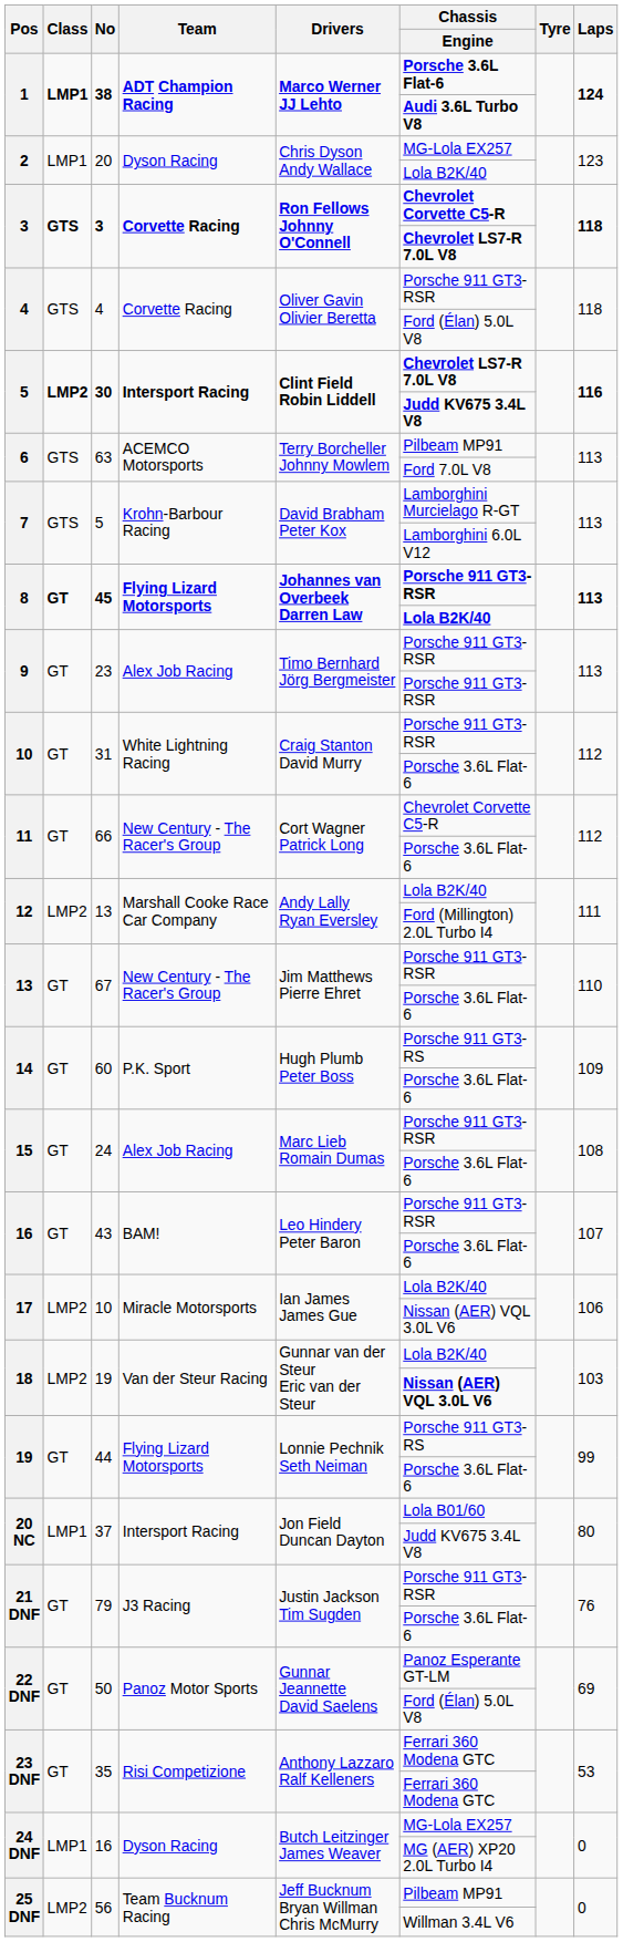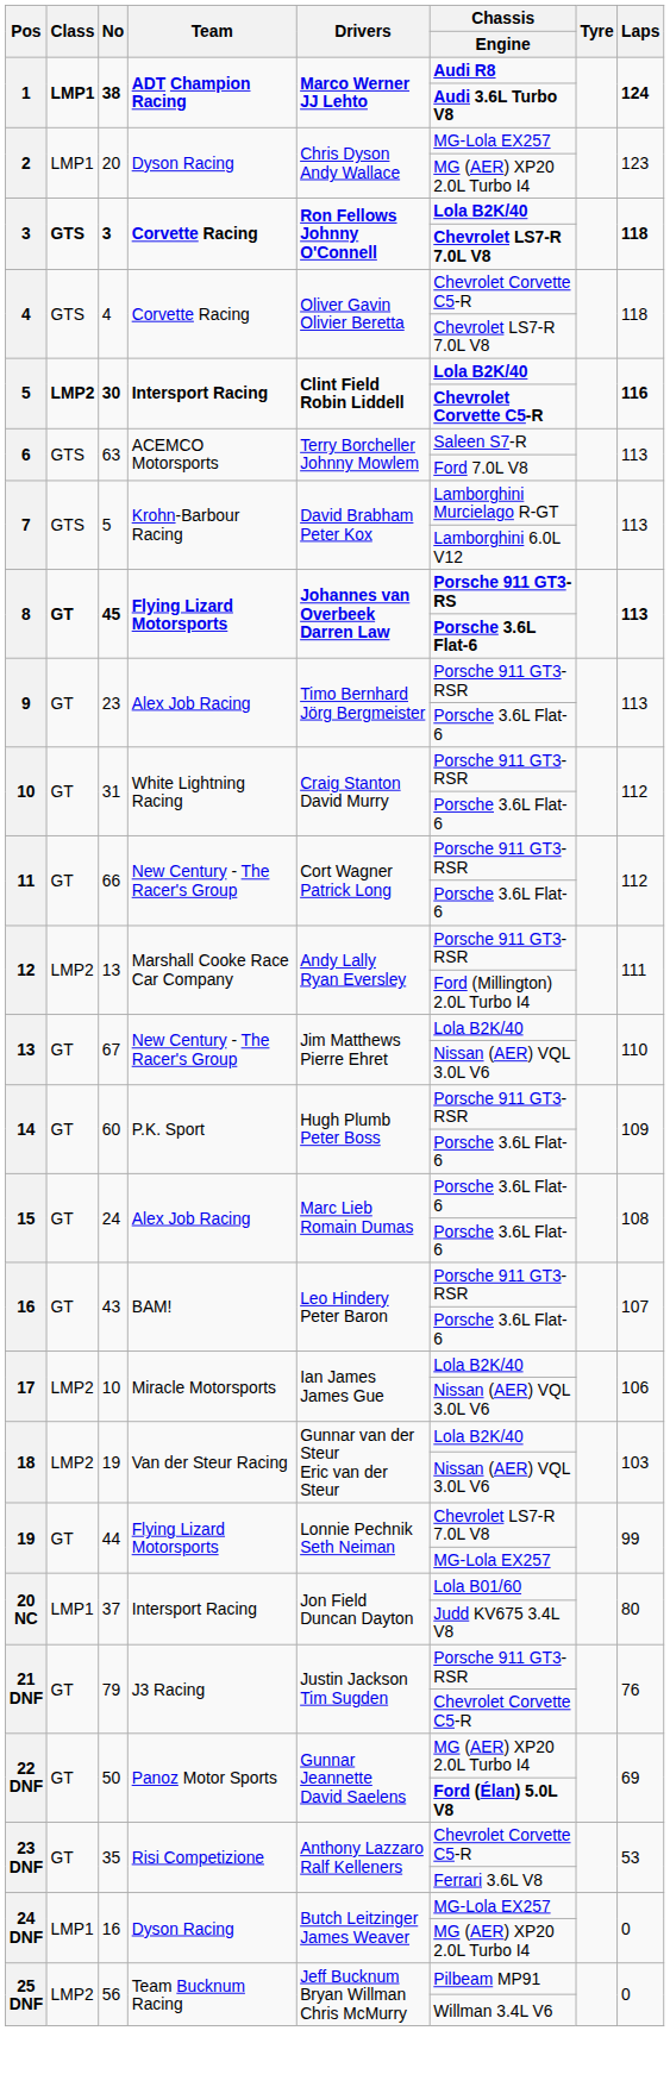 <table class="wikitable" style="font-size: 95%;">
 <tr>
 <th rowspan=2>Pos</th>
 <th rowspan=2>Class</th>
 <th rowspan=2>No</th>
 <th rowspan=2>Team</th>
 <th rowspan=2>Drivers</th>
 <th>Chassis</th>
 <th rowspan=2>Tyre</th>
 <th rowspan=2>Laps</th>
 </tr>
 <tr>
 <th>Engine</th>
 </tr>
 <tr style="font-weight:bold">
 <th rowspan=2>1</th>
 <td rowspan=2>LMP1</td>
 <td rowspan=2>38</td>
 <td rowspan=2> <a href='#'>ADT</a> <a href='#'>Champion Racing</a></td>
 <td rowspan=2> <a href='#'>Marco Werner</a><br> <a href='#'>JJ Lehto</a></td>
-<td><a href='#'>Porsche</a> 3.6L Flat-6</td>
+<td><a href='#'>Audi R8</a></td>
 <td rowspan=2></td>
 <td rowspan=2>124</td>
 </tr>
 <tr style="font-weight:bold">
 <td><a href='#'>Audi</a> 3.6L Turbo V8</td>
 </tr>
 <tr>
 <th rowspan=2>2</th>
 <td rowspan=2>LMP1</td>
 <td rowspan=2>20</td>
 <td rowspan=2> <a href='#'>Dyson Racing</a></td>
 <td rowspan=2> <a href='#'>Chris Dyson</a><br> <a href='#'>Andy Wallace</a></td>
 <td><a href='#'>MG-Lola EX257</a></td>
 <td rowspan=2></td>
 <td rowspan=2>123</td>
 </tr>
 <tr>
-<td><a href='#'>Lola B2K/40</a></td>
+<td><a href='#'>MG</a> (<a href='#'>AER</a>) XP20 2.0L Turbo I4</td>
 </tr>
 <tr style="font-weight:bold">
 <th rowspan=2>3</th>
 <td rowspan=2>GTS</td>
 <td rowspan=2>3</td>
 <td rowspan=2> <a href='#'>Corvette</a> Racing</td>
 <td rowspan=2> <a href='#'>Ron Fellows</a><br> <a href='#'>Johnny O'Connell</a></td>
-<td><a href='#'>Chevrolet Corvette C5</a>-R</td>
+<td><a href='#'>Lola B2K/40</a></td>
 <td rowspan=2></td>
 <td rowspan=2>118</td>
 </tr>
 <tr style="font-weight:bold">
 <td><a href='#'>Chevrolet</a> LS7-R 7.0L V8</td>
 </tr>
 <tr>
 <th rowspan=2>4</th>
 <td rowspan=2>GTS</td>
 <td rowspan=2>4</td>
 <td rowspan=2> <a href='#'>Corvette</a> Racing</td>
 <td rowspan=2> <a href='#'>Oliver Gavin</a><br> <a href='#'>Olivier Beretta</a></td>
-<td><a href='#'>Porsche 911 GT3</a>-RSR</td>
+<td><a href='#'>Chevrolet Corvette C5</a>-R</td>
 <td rowspan=2></td>
 <td rowspan=2>118</td>
 </tr>
 <tr>
-<td><a href='#'>Ford</a> (<a href='#'>Élan</a>) 5.0L V8</td>
+<td><a href='#'>Chevrolet</a> LS7-R 7.0L V8</td>
 </tr>
 <tr style="font-weight:bold">
 <th rowspan=2>5</th>
 <td rowspan=2>LMP2</td>
 <td rowspan=2>30</td>
 <td rowspan=2> Intersport Racing</td>
 <td rowspan=2> Clint Field<br> Robin Liddell</td>
-<td><a href='#'>Chevrolet</a> LS7-R 7.0L V8</td>
+<td><a href='#'>Lola B2K/40</a></td>
 <td rowspan=2></td>
 <td rowspan=2>116</td>
 </tr>
 <tr style="font-weight:bold">
-<td><a href='#'>Judd</a> KV675 3.4L V8</td>
+<td><a href='#'>Chevrolet Corvette C5</a>-R</td>
 </tr>
 <tr>
 <th rowspan=2>6</th>
 <td rowspan=2>GTS</td>
 <td rowspan=2>63</td>
 <td rowspan=2> ACEMCO Motorsports</td>
 <td rowspan=2> <a href='#'>Terry Borcheller</a><br> <a href='#'>Johnny Mowlem</a></td>
-<td><a href='#'>Pilbeam</a> MP91</td>
+<td><a href='#'>Saleen S7</a>-R</td>
 <td rowspan=2></td>
 <td rowspan=2>113</td>
 </tr>
 <tr>
 <td><a href='#'>Ford</a> 7.0L V8</td>
 </tr>
 <tr>
 <th rowspan=2>7</th>
 <td rowspan=2>GTS</td>
 <td rowspan=2>5</td>
 <td rowspan=2> <a href='#'>Krohn</a>-Barbour Racing</td>
 <td rowspan=2> <a href='#'>David Brabham</a><br> <a href='#'>Peter Kox</a></td>
 <td><a href='#'>Lamborghini Murcielago</a> R-GT</td>
 <td rowspan=2></td>
 <td rowspan=2>113</td>
 </tr>
 <tr>
 <td><a href='#'>Lamborghini</a> 6.0L V12</td>
 </tr>
 <tr style="font-weight:bold">
 <th rowspan=2>8</th>
 <td rowspan=2>GT</td>
 <td rowspan=2>45</td>
 <td rowspan=2> <a href='#'>Flying Lizard Motorsports</a></td>
 <td rowspan=2> <a href='#'>Johannes van Overbeek</a><br> <a href='#'>Darren Law</a></td>
-<td><a href='#'>Porsche 911 GT3</a>-RSR</td>
+<td><a href='#'>Porsche 911 GT3</a>-RS</td>
 <td rowspan=2></td>
 <td rowspan=2>113</td>
 </tr>
 <tr style="font-weight:bold">
-<td><a href='#'>Lola B2K/40</a></td>
+<td><a href='#'>Porsche</a> 3.6L Flat-6</td>
 </tr>
 <tr>
 <th rowspan=2>9</th>
 <td rowspan=2>GT</td>
 <td rowspan=2>23</td>
 <td rowspan=2> <a href='#'>Alex Job Racing</a></td>
 <td rowspan=2> <a href='#'>Timo Bernhard</a><br> <a href='#'>Jörg Bergmeister</a></td>
 <td><a href='#'>Porsche 911 GT3</a>-RSR</td>
 <td rowspan=2></td>
 <td rowspan=2>113</td>
 </tr>
 <tr>
-<td><a href='#'>Porsche 911 GT3</a>-RSR</td>
+<td><a href='#'>Porsche</a> 3.6L Flat-6</td>
 </tr>
 <tr>
 <th rowspan=2>10</th>
 <td rowspan=2>GT</td>
 <td rowspan=2>31</td>
 <td rowspan=2> White Lightning Racing</td>
 <td rowspan=2> <a href='#'>Craig Stanton</a><br> David Murry</td>
 <td><a href='#'>Porsche 911 GT3</a>-RSR</td>
 <td rowspan=2></td>
 <td rowspan=2>112</td>
 </tr>
 <tr>
 <td><a href='#'>Porsche</a> 3.6L Flat-6</td>
 </tr>
 <tr>
 <th rowspan=2>11</th>
 <td rowspan=2>GT</td>
 <td rowspan=2>66</td>
 <td rowspan=2> <a href='#'>New Century</a> - <a href='#'>The Racer's Group</a></td>
 <td rowspan=2> Cort Wagner<br> <a href='#'>Patrick Long</a></td>
-<td><a href='#'>Chevrolet Corvette C5</a>-R</td>
+<td><a href='#'>Porsche 911 GT3</a>-RSR</td>
 <td rowspan=2></td>
 <td rowspan=2>112</td>
 </tr>
 <tr>
 <td><a href='#'>Porsche</a> 3.6L Flat-6</td>
 </tr>
 <tr>
 <th rowspan=2>12</th>
 <td rowspan=2>LMP2</td>
 <td rowspan=2>13</td>
 <td rowspan=2> Marshall Cooke Race Car Company</td>
 <td rowspan=2> <a href='#'>Andy Lally</a><br> <a href='#'>Ryan Eversley</a></td>
-<td><a href='#'>Lola B2K/40</a></td>
+<td><a href='#'>Porsche 911 GT3</a>-RSR</td>
 <td rowspan=2></td>
 <td rowspan=2>111</td>
 </tr>
 <tr>
 <td><a href='#'>Ford</a> (Millington) 2.0L Turbo I4</td>
 </tr>
 <tr>
 <th rowspan=2>13</th>
 <td rowspan=2>GT</td>
 <td rowspan=2>67</td>
 <td rowspan=2> <a href='#'>New Century</a> - <a href='#'>The Racer's Group</a></td>
 <td rowspan=2> Jim Matthews<br> Pierre Ehret</td>
-<td><a href='#'>Porsche 911 GT3</a>-RSR</td>
+<td><a href='#'>Lola B2K/40</a></td>
 <td rowspan=2></td>
 <td rowspan=2>110</td>
 </tr>
 <tr>
-<td><a href='#'>Porsche</a> 3.6L Flat-6</td>
+<td><a href='#'>Nissan</a> (<a href='#'>AER</a>) VQL 3.0L V6</td>
 </tr>
 <tr>
 <th rowspan=2>14</th>
 <td rowspan=2>GT</td>
 <td rowspan=2>60</td>
 <td rowspan=2> P.K. Sport</td>
 <td rowspan=2> Hugh Plumb<br> <a href='#'>Peter Boss</a></td>
-<td><a href='#'>Porsche 911 GT3</a>-RS</td>
+<td><a href='#'>Porsche 911 GT3</a>-RSR</td>
 <td rowspan=2></td>
 <td rowspan=2>109</td>
 </tr>
 <tr>
 <td><a href='#'>Porsche</a> 3.6L Flat-6</td>
 </tr>
 <tr>
 <th rowspan=2>15</th>
 <td rowspan=2>GT</td>
 <td rowspan=2>24</td>
 <td rowspan=2> <a href='#'>Alex Job Racing</a></td>
 <td rowspan=2> <a href='#'>Marc Lieb</a><br> <a href='#'>Romain Dumas</a></td>
-<td><a href='#'>Porsche 911 GT3</a>-RSR</td>
+<td><a href='#'>Porsche</a> 3.6L Flat-6</td>
 <td rowspan=2></td>
 <td rowspan=2>108</td>
 </tr>
 <tr>
 <td><a href='#'>Porsche</a> 3.6L Flat-6</td>
 </tr>
 <tr>
 <th rowspan=2>16</th>
 <td rowspan=2>GT</td>
 <td rowspan=2>43</td>
 <td rowspan=2> BAM!</td>
 <td rowspan=2> <a href='#'>Leo Hindery</a><br> Peter Baron</td>
 <td><a href='#'>Porsche 911 GT3</a>-RSR</td>
 <td rowspan=2></td>
 <td rowspan=2>107</td>
 </tr>
 <tr>
 <td><a href='#'>Porsche</a> 3.6L Flat-6</td>
 </tr>
 <tr>
 <th rowspan=2>17</th>
 <td rowspan=2>LMP2</td>
 <td rowspan=2>10</td>
 <td rowspan=2> Miracle Motorsports</td>
 <td rowspan=2> Ian James<br> James Gue</td>
 <td><a href='#'>Lola B2K/40</a></td>
 <td rowspan=2></td>
 <td rowspan=2>106</td>
 </tr>
 <tr>
 <td><a href='#'>Nissan</a> (<a href='#'>AER</a>) VQL 3.0L V6</td>
 </tr>
 <tr>
 <th rowspan=2>18</th>
 <td rowspan=2>LMP2</td>
 <td rowspan=2>19</td>
 <td rowspan=2> Van der Steur Racing</td>
 <td rowspan=2> Gunnar van der Steur<br> Eric van der Steur</td>
 <td><a href='#'>Lola B2K/40</a></td>
 <td rowspan=2></td>
 <td rowspan=2>103</td>
 </tr>
 <tr>
-<td><strong><a href='#'>Nissan</a> (<a href='#'>AER</a>) VQL 3.0L V6</strong></td>
+<td><a href='#'>Nissan</a> (<a href='#'>AER</a>) VQL 3.0L V6</td>
 </tr>
 <tr>
 <th rowspan=2>19</th>
 <td rowspan=2>GT</td>
 <td rowspan=2>44</td>
 <td rowspan=2> <a href='#'>Flying Lizard Motorsports</a></td>
 <td rowspan=2> Lonnie Pechnik<br> <a href='#'>Seth Neiman</a></td>
-<td><a href='#'>Porsche 911 GT3</a>-RS</td>
+<td><a href='#'>Chevrolet</a> LS7-R 7.0L V8</td>
 <td rowspan=2></td>
 <td rowspan=2>99</td>
 </tr>
 <tr>
-<td><a href='#'>Porsche</a> 3.6L Flat-6</td>
+<td><a href='#'>MG-Lola EX257</a></td>
 </tr>
 <tr>
 <th rowspan=2>20<br>NC</th>
 <td rowspan=2>LMP1</td>
 <td rowspan=2>37</td>
 <td rowspan=2> Intersport Racing</td>
 <td rowspan=2> Jon Field<br> Duncan Dayton</td>
 <td><a href='#'>Lola B01/60</a></td>
 <td rowspan=2></td>
 <td rowspan=2>80</td>
 </tr>
 <tr>
 <td><a href='#'>Judd</a> KV675 3.4L V8</td>
 </tr>
 <tr>
 <th rowspan=2>21<br>DNF</th>
 <td rowspan=2>GT</td>
 <td rowspan=2>79</td>
 <td rowspan=2> J3 Racing</td>
 <td rowspan=2> Justin Jackson<br> <a href='#'>Tim Sugden</a></td>
 <td><a href='#'>Porsche 911 GT3</a>-RSR</td>
 <td rowspan=2></td>
 <td rowspan=2>76</td>
 </tr>
 <tr>
-<td><a href='#'>Porsche</a> 3.6L Flat-6</td>
+<td><a href='#'>Chevrolet Corvette C5</a>-R</td>
 </tr>
 <tr>
 <th rowspan=2>22<br>DNF</th>
 <td rowspan=2>GT</td>
 <td rowspan=2>50</td>
 <td rowspan=2> <a href='#'>Panoz</a> Motor Sports</td>
 <td rowspan=2> <a href='#'>Gunnar Jeannette</a><br> <a href='#'>David Saelens</a></td>
-<td><a href='#'>Panoz Esperante</a> GT-LM</td>
+<td><a href='#'>MG</a> (<a href='#'>AER</a>) XP20 2.0L Turbo I4</td>
 <td rowspan=2></td>
 <td rowspan=2>69</td>
 </tr>
 <tr>
-<td><a href='#'>Ford</a> (<a href='#'>Élan</a>) 5.0L V8</td>
+<td><strong><a href='#'>Ford</a> (<a href='#'>Élan</a>) 5.0L V8</strong></td>
 </tr>
 <tr>
 <th rowspan=2>23<br>DNF</th>
 <td rowspan=2>GT</td>
 <td rowspan=2>35</td>
 <td rowspan=2> <a href='#'>Risi Competizione</a></td>
 <td rowspan=2> <a href='#'>Anthony Lazzaro</a><br> <a href='#'>Ralf Kelleners</a></td>
-<td><a href='#'>Ferrari 360 Modena</a> GTC</td>
+<td><a href='#'>Chevrolet Corvette C5</a>-R</td>
 <td rowspan=2></td>
 <td rowspan=2>53</td>
 </tr>
 <tr>
-<td><a href='#'>Ferrari 360 Modena</a> GTC</td>
+<td><a href='#'>Ferrari</a> 3.6L V8</td>
 </tr>
 <tr>
 <th rowspan=2>24<br>DNF</th>
 <td rowspan=2>LMP1</td>
 <td rowspan=2>16</td>
 <td rowspan=2> <a href='#'>Dyson Racing</a></td>
 <td rowspan=2> <a href='#'>Butch Leitzinger</a><br> <a href='#'>James Weaver</a></td>
 <td><a href='#'>MG-Lola EX257</a></td>
 <td rowspan=2></td>
 <td rowspan=2>0</td>
 </tr>
 <tr>
 <td><a href='#'>MG</a> (<a href='#'>AER</a>) XP20 2.0L Turbo I4</td>
 </tr>
 <tr>
 <th rowspan=2>25<br>DNF</th>
 <td rowspan=2>LMP2</td>
 <td rowspan=2>56</td>
 <td rowspan=2> Team <a href='#'>Bucknum</a> Racing</td>
 <td rowspan=2> <a href='#'>Jeff Bucknum</a><br> Bryan Willman<br> Chris McMurry</td>
 <td><a href='#'>Pilbeam</a> MP91</td>
 <td rowspan=2></td>
 <td rowspan=2>0</td>
 </tr>
 <tr>
 <td>Willman 3.4L V6</td>
 </tr>
 </table>
